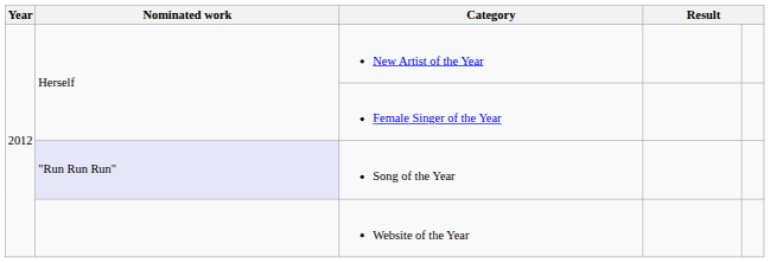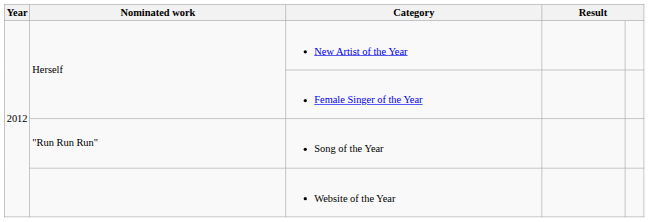 <table class="wikitable" style="text-align:left;">
 <tr>
 <th width=4% align=center>Year</th>
 <th width=40%>Nominated work</th>
 <th width=40%>Category</th>
 <th width=16% colspan=2>Result</th>
 </tr>
 <tr>
 <td rowspan=4>2012</td>
 <td rowspan=2>Herself</td>
 <td><br><ul><li><a href='#'>New Artist of the Year</a></li></ul></td>
 <td></td>
 <td width=3% align=center></td>
 </tr>
 <tr>
 <td><br><ul><li><a href='#'>Female Singer of the Year</a></li></ul></td>
 <td></td>
 <td width=3% align=center></td>
 </tr>
 <tr>
-<td style="background: lavender;">"Run Run Run"</td>
+<td>"Run Run Run"</td>
 <td><br><ul><li>Song of the Year</li></ul></td>
 <td></td>
 <td width=3% align=center></td>
 </tr>
 <tr>
 <td></td>
 <td><br><ul><li>Website of the Year</li></ul></td>
 <td></td>
 <td width=3% align=center></td>
 </tr>
 </table>
